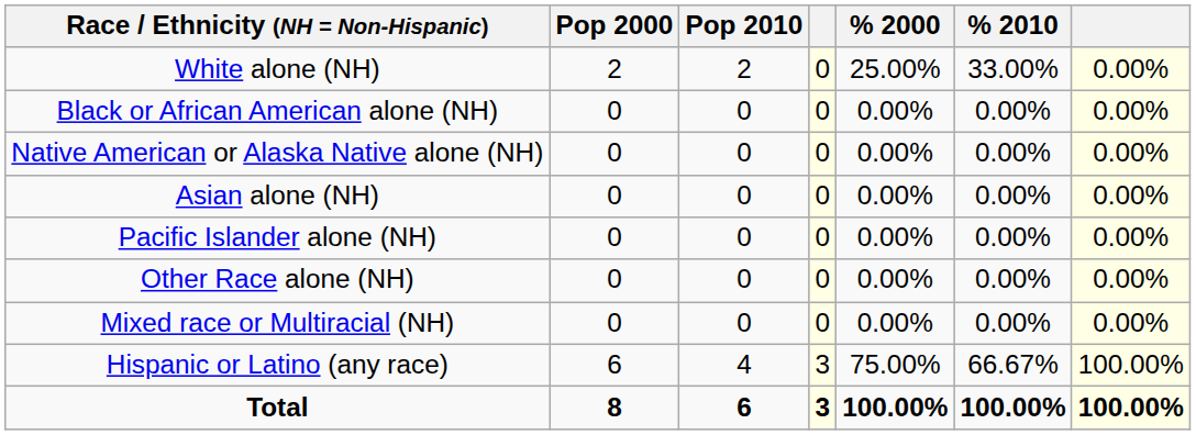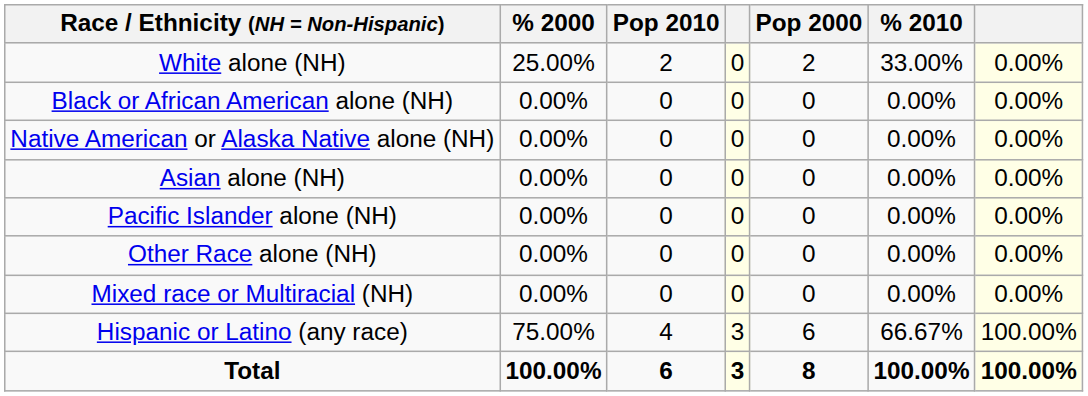 <table class="wikitable" style="text-align:center;">
 <tr>
 <th>Race / Ethnicity <small>(<em>NH = Non-Hispanic</em>)</small></th>
-<th>Pop 2000</th>
+<th>% 2000</th>
 <th>Pop 2010</th>
 <th></th>
-<th>% 2000</th>
+<th>Pop 2000</th>
 <th>% 2010</th>
 <th></th>
 </tr>
 <tr>
 <td><a href='#'>White</a> alone (NH)</td>
-<td>2</td>
+<td>25.00%</td>
 <td>2</td>
 <td style='background: #ffffe6;'>0</td>
-<td>25.00%</td>
+<td>2</td>
 <td>33.00%</td>
 <td style='background: #ffffe6;'>0.00%</td>
 </tr>
 <tr>
 <td><a href='#'>Black or African American</a> alone (NH)</td>
-<td>0</td>
+<td>0.00%</td>
 <td>0</td>
 <td style='background: #ffffe6;'>0</td>
-<td>0.00%</td>
+<td>0</td>
 <td>0.00%</td>
 <td style='background: #ffffe6;'>0.00%</td>
 </tr>
 <tr>
 <td><a href='#'>Native American</a> or <a href='#'>Alaska Native</a> alone (NH)</td>
-<td>0</td>
+<td>0.00%</td>
 <td>0</td>
 <td style='background: #ffffe6;'>0</td>
-<td>0.00%</td>
+<td>0</td>
 <td>0.00%</td>
 <td style='background: #ffffe6;'>0.00%</td>
 </tr>
 <tr>
 <td><a href='#'>Asian</a> alone (NH)</td>
-<td>0</td>
+<td>0.00%</td>
 <td>0</td>
 <td style='background: #ffffe6;'>0</td>
-<td>0.00%</td>
+<td>0</td>
 <td>0.00%</td>
 <td style='background: #ffffe6;'>0.00%</td>
 </tr>
 <tr>
 <td><a href='#'>Pacific Islander</a> alone (NH)</td>
-<td>0</td>
+<td>0.00%</td>
 <td>0</td>
 <td style='background: #ffffe6;'>0</td>
-<td>0.00%</td>
+<td>0</td>
 <td>0.00%</td>
 <td style='background: #ffffe6;'>0.00%</td>
 </tr>
 <tr>
 <td><a href='#'>Other Race</a> alone (NH)</td>
-<td>0</td>
+<td>0.00%</td>
 <td>0</td>
 <td style='background: #ffffe6;'>0</td>
-<td>0.00%</td>
+<td>0</td>
 <td>0.00%</td>
 <td style='background: #ffffe6;'>0.00%</td>
 </tr>
 <tr>
 <td><a href='#'>Mixed race or Multiracial</a> (NH)</td>
-<td>0</td>
+<td>0.00%</td>
 <td>0</td>
 <td style='background: #ffffe6;'>0</td>
-<td>0.00%</td>
+<td>0</td>
 <td>0.00%</td>
 <td style='background: #ffffe6;'>0.00%</td>
 </tr>
 <tr>
 <td><a href='#'>Hispanic or Latino</a> (any race)</td>
-<td>6</td>
+<td>75.00%</td>
 <td>4</td>
 <td style='background: #ffffe6;'>3</td>
-<td>75.00%</td>
+<td>6</td>
 <td>66.67%</td>
 <td style='background: #ffffe6;'>100.00%</td>
 </tr>
 <tr>
 <td><strong>Total</strong></td>
-<td><strong>8</strong></td>
+<td><strong>100.00%</strong></td>
 <td><strong>6</strong></td>
 <td style='background: #ffffe6;'><strong>3</strong></td>
-<td><strong>100.00%</strong></td>
+<td><strong>8</strong></td>
 <td><strong>100.00%</strong></td>
 <td style='background: #ffffe6;'><strong>100.00%</strong></td>
 </tr>
 </table>
